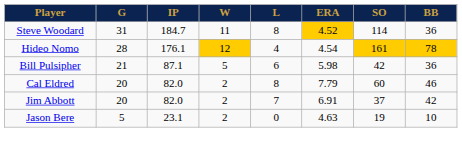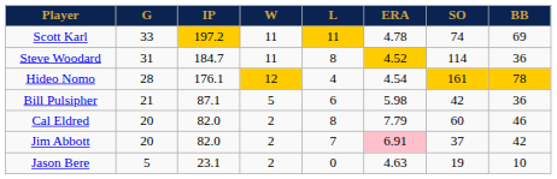 <table class="wikitable sortable">
 <tr>
 <th style=" background:#0a2351; color:#CBA140;" width="16%">Player</th>
 <th style=" background:#0a2351; color:#CBA140;" width="9%">G</th>
 <th style=" background:#0a2351; color:#CBA140;" width="9%">IP</th>
 <th style=" background:#0a2351; color:#CBA140;" width="9%">W</th>
 <th style=" background:#0a2351; color:#CBA140;" width="9%">L</th>
 <th style=" background:#0a2351; color:#CBA140;" width="9%">ERA</th>
 <th style=" background:#0a2351; color:#CBA140;" width="9%">SO</th>
 <th style=" background:#0a2351; color:#CBA140;" width="9%">BB</th>
+</tr>
+<tr align="center">
+<td><a href='#'>Scott Karl</a></td>
+<td>33</td>
+<td bgcolor="#FFCC00">197.2</td>
+<td>11</td>
+<td bgcolor="#FFCC00">11</td>
+<td>4.78</td>
+<td>74</td>
+<td>69</td>
 </tr>
 <tr align=center>
 <td><a href='#'>Steve Woodard</a></td>
 <td>31</td>
 <td>184.7</td>
 <td>11</td>
 <td>8</td>
 <td bgcolor="#FFCC00">4.52</td>
 <td>114</td>
 <td>36</td>
 </tr>
 <tr align=center>
 <td><a href='#'>Hideo Nomo</a></td>
 <td>28</td>
 <td>176.1</td>
 <td bgcolor="#FFCC00">12</td>
 <td>4</td>
 <td>4.54</td>
 <td bgcolor="#FFCC00">161</td>
 <td bgcolor="#FFCC00">78</td>
 </tr>
 <tr align="center">
 <td><a href='#'>Bill Pulsipher</a></td>
 <td>21</td>
 <td>87.1</td>
 <td>5</td>
 <td>6</td>
 <td>5.98</td>
 <td>42</td>
 <td>36</td>
 </tr>
 <tr align=center>
 <td><a href='#'>Cal Eldred</a></td>
 <td>20</td>
 <td>82.0</td>
 <td>2</td>
 <td>8</td>
 <td>7.79</td>
 <td>60</td>
 <td>46</td>
 </tr>
 <tr align=center>
 <td><a href='#'>Jim Abbott</a></td>
 <td>20</td>
 <td>82.0</td>
 <td>2</td>
 <td>7</td>
-<td>6.91</td>
+<td style="background: pink;">6.91</td>
 <td>37</td>
 <td>42</td>
 </tr>
 <tr align=center>
 <td><a href='#'>Jason Bere</a></td>
 <td>5</td>
 <td>23.1</td>
 <td>2</td>
 <td>0</td>
 <td>4.63</td>
 <td>19</td>
 <td>10</td>
 </tr>
 </table>
